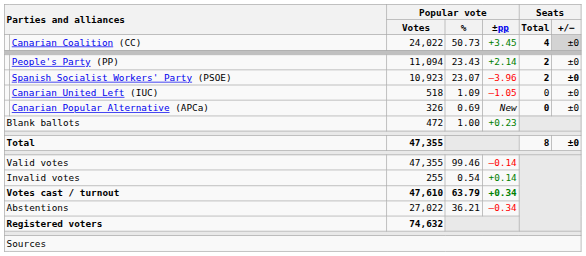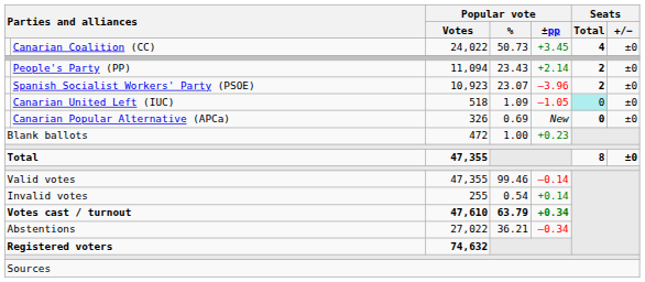 <table class="wikitable" style="text-align:right;">
 <tr>
 <th style="text-align:left;" rowspan="2" colspan="2" width="525">Parties and alliances</th>
 <th colspan="3">Popular vote</th>
 <th colspan="2">Seats</th>
 </tr>
 <tr>
 <th width="75">Votes</th>
 <th width="45">%</th>
 <th width="45">±<a href='#'>pp</a></th>
 <th width="35">Total</th>
 <th width="35">+/−</th>
 </tr>
 <tr>
 <td width="1" style="color:inherit;background:"></td>
 <td align="left"><a href='#'>Canarian Coalition</a> (CC)</td>
 <td>24,022</td>
 <td>50.73</td>
 <td style="color:green;">+3.45</td>
 <td><strong>4</strong></td>
-<td style="background: lightgrey;">±0</td>
+<td>±0</td>
 </tr>
 <tr>
 <td colspan="7" bgcolor="#C0C0C0"></td>
 </tr>
 <tr>
 <td style="color:inherit;background:"></td>
 <td align="left"><a href='#'>People's Party</a> (PP)</td>
 <td>11,094</td>
 <td>23.43</td>
 <td style="color:green;">+2.14</td>
 <td><strong>2</strong></td>
 <td>±0</td>
 </tr>
 <tr>
 <td style="color:inherit;background:"></td>
 <td align="left"><a href='#'>Spanish Socialist Workers' Party</a> (PSOE)</td>
 <td>10,923</td>
 <td>23.07</td>
 <td style="color:red;">–3.96</td>
 <td><strong>2</strong></td>
-<td><strong>±0</strong></td>
+<td>±0</td>
 </tr>
 <tr>
 <td style="color:inherit;background:"></td>
 <td align="left"><a href='#'>Canarian United Left</a> (IUC)</td>
 <td>518</td>
 <td>1.09</td>
 <td style="color:red;">–1.05</td>
-<td>0</td>
+<td style="background: paleturquoise;">0</td>
 <td>±0</td>
 </tr>
 <tr>
 <td style="color:inherit;background:"></td>
 <td align="left"><a href='#'>Canarian Popular Alternative</a> (APCa)</td>
 <td>326</td>
 <td>0.69</td>
 <td><em>New</em></td>
 <td><strong>0</strong></td>
 <td>±0</td>
 </tr>
 <tr>
 <td align="left" colspan="2">Blank ballots</td>
 <td>472</td>
 <td>1.00</td>
 <td style="color:green;">+0.23</td>
 <td bgcolor="#E9E9E9" colspan="2"></td>
 </tr>
 <tr>
 <td colspan="7" bgcolor="#E9E9E9"></td>
 </tr>
 <tr style="font-weight:bold;">
 <td align="left" colspan="2">Total</td>
 <td>47,355</td>
 <td bgcolor="#E9E9E9" colspan="2"></td>
 <td>8</td>
 <td>±0</td>
 </tr>
 <tr>
 <td colspan="7" bgcolor="#E9E9E9"></td>
 </tr>
 <tr>
 <td align="left" colspan="2">Valid votes</td>
 <td>47,355</td>
 <td>99.46</td>
 <td style="color:red;">–0.14</td>
 <td bgcolor="#E9E9E9" colspan="2" rowspan="5"></td>
 </tr>
 <tr>
 <td align="left" colspan="2">Invalid votes</td>
 <td>255</td>
 <td>0.54</td>
 <td style="color:green;">+0.14</td>
 </tr>
 <tr style="font-weight:bold;">
 <td align="left" colspan="2">Votes cast / turnout</td>
 <td>47,610</td>
 <td>63.79</td>
 <td style="color:green;">+0.34</td>
 </tr>
 <tr>
 <td align="left" colspan="2">Abstentions</td>
 <td>27,022</td>
 <td>36.21</td>
 <td style="color:red;">–0.34</td>
 </tr>
 <tr style="font-weight:bold;">
 <td align="left" colspan="2">Registered voters</td>
 <td>74,632</td>
 <td bgcolor="#E9E9E9" colspan="2"></td>
 </tr>
 <tr>
 <td colspan="7" bgcolor="#E9E9E9"></td>
 </tr>
 <tr>
 <td align="left" colspan="7">Sources</td>
 </tr>
 </table>
